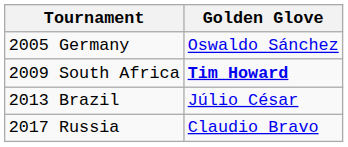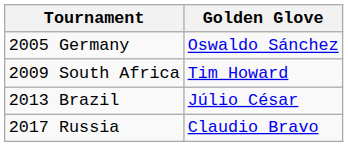 <table class="wikitable">
 <tr>
 <th>Tournament</th>
 <th>Golden Glove</th>
 </tr>
 <tr>
 <td>2005 Germany</td>
 <td> <a href='#'>Oswaldo Sánchez</a></td>
 </tr>
 <tr>
 <td>2009 South Africa</td>
-<td><strong> <a href='#'>Tim Howard</a></strong></td>
+<td> <a href='#'>Tim Howard</a></td>
 </tr>
 <tr>
 <td>2013 Brazil</td>
 <td> <a href='#'>Júlio César</a></td>
 </tr>
 <tr>
 <td>2017 Russia</td>
 <td> <a href='#'>Claudio Bravo</a></td>
 </tr>
 </table>
